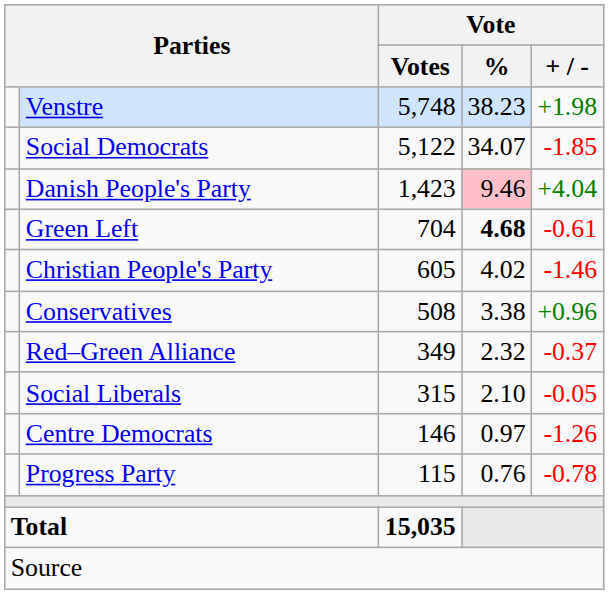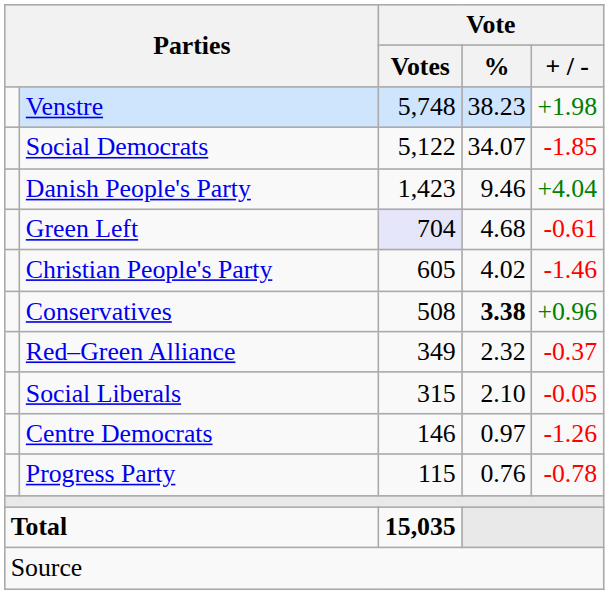 <table class="wikitable" style="text-align:right;">
 <tr>
 <th style="text-align:centre;" rowspan="2" colspan="2" width="225">Parties</th>
 <th colspan="3">Vote</th>
 </tr>
 <tr>
 <th width="15">Votes</th>
 <th width="15">%</th>
 <th width="15">+ / -</th>
 </tr>
 <tr>
 <td width="2" style="color:inherit;background:"></td>
 <td bgcolor=#cfe5fe  align="left"><a href='#'>Venstre</a></td>
 <td bgcolor=#cfe5fe>5,748</td>
 <td bgcolor=#cfe5fe>38.23</td>
 <td style=color:green;>+1.98</td>
 </tr>
 <tr>
 <td width="2" style="color:inherit;background:"></td>
 <td align="left"><a href='#'>Social Democrats</a></td>
 <td>5,122</td>
 <td>34.07</td>
 <td style=color:red;>-1.85</td>
 </tr>
 <tr>
 <td width="2" style="color:inherit;background:"></td>
 <td align="left"><a href='#'>Danish People's Party</a></td>
 <td>1,423</td>
-<td style="background: pink;">9.46</td>
+<td>9.46</td>
 <td style=color:green;>+4.04</td>
 </tr>
 <tr>
 <td width="2" style="color:inherit;background:"></td>
 <td align="left"><a href='#'>Green Left</a></td>
-<td>704</td>
-<td><strong>4.68</strong></td>
+<td style="background: lavender;">704</td>
+<td>4.68</td>
 <td style=color:red;>-0.61</td>
 </tr>
 <tr>
 <td width="2" style="color:inherit;background:"></td>
 <td align="left"><a href='#'>Christian People's Party</a></td>
 <td>605</td>
 <td>4.02</td>
 <td style=color:red;>-1.46</td>
 </tr>
 <tr>
 <td width="2" style="color:inherit;background:"></td>
 <td align="left"><a href='#'>Conservatives</a></td>
 <td>508</td>
-<td>3.38</td>
+<td><strong>3.38</strong></td>
 <td style=color:green;>+0.96</td>
 </tr>
 <tr>
 <td width="2" style="color:inherit;background:"></td>
 <td align="left"><a href='#'>Red–Green Alliance</a></td>
 <td>349</td>
 <td>2.32</td>
 <td style=color:red;>-0.37</td>
 </tr>
 <tr>
 <td width="2" style="color:inherit;background:"></td>
 <td align="left"><a href='#'>Social Liberals</a></td>
 <td>315</td>
 <td>2.10</td>
 <td style=color:red;>-0.05</td>
 </tr>
 <tr>
 <td width="2" style="color:inherit;background:"></td>
 <td align="left"><a href='#'>Centre Democrats</a></td>
 <td>146</td>
 <td>0.97</td>
 <td style=color:red;>-1.26</td>
 </tr>
 <tr>
 <td width="2" style="color:inherit;background:"></td>
 <td align="left"><a href='#'>Progress Party</a></td>
 <td>115</td>
 <td>0.76</td>
 <td style=color:red;>-0.78</td>
 </tr>
 <tr>
 <td colspan="7" bgcolor="#E9E9E9"></td>
 </tr>
 <tr>
 <td align="left" colspan="2"><strong>Total</strong></td>
 <td><strong>15,035</strong></td>
 <td bgcolor="#E9E9E9" colspan="2"></td>
 </tr>
 <tr>
 <td align="left" colspan="6">Source</td>
 </tr>
 </table>
